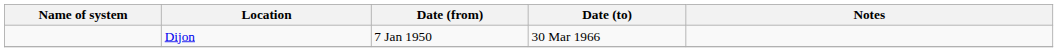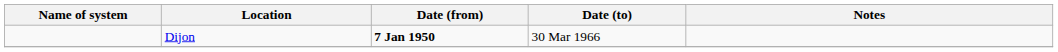 <table class="wikitable" width=100%>
 <tr>
 <th width=15%>Name of system</th>
 <th width=20%>Location</th>
 <th width=15%>Date (from)</th>
 <th width=15%>Date (to)</th>
 <th width=35%>Notes</th>
 </tr>
 <tr>
 <td> </td>
 <td><a href='#'>Dijon</a></td>
-<td>7 Jan 1950</td>
+<td><strong>7 Jan 1950</strong></td>
 <td>30 Mar 1966</td>
 <td> </td>
 </tr>
 <tr>
 </tr>
 </table>
